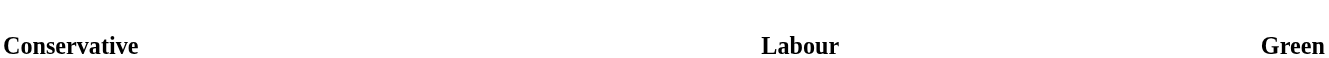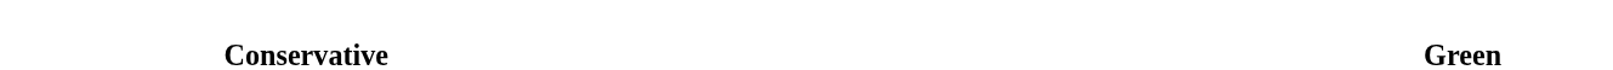 <table style="width:100%; text-align:center;">
 <tr style="color:white;">
 <td style="background:"><strong>17</strong></td>
-<td style="background:"><strong>15</strong></td>
 <td style="background:"><strong>3</strong></td>
 </tr>
 <tr>
 <td><span><strong>Conservative</strong></span></td>
-<td><span><strong>Labour</strong></span></td>
 <td><span><strong>Green</strong></span></td>
 </tr>
 </table>
